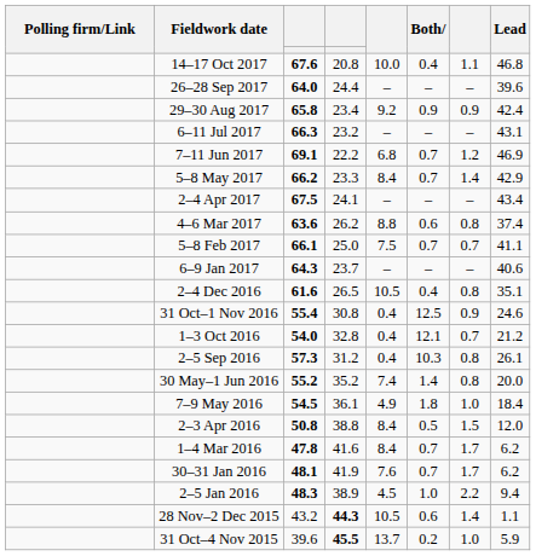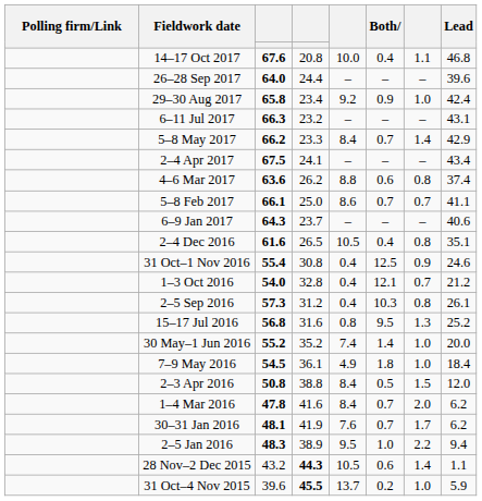 <table class="wikitable collapsible" style="text-align:center; font-size:95%; line-height:16px;">
 <tr style="height:42px;">
 <th style="width:145px;" rowspan="2">Polling firm/Link</th>
 <th style="width:125px;" rowspan="2">Fieldwork date</th>
 <th style="width:35px;"></th>
 <th style="width:35px;"></th>
 <th style="width:35px;" rowspan="2"></th>
 <th style="width:35px;" rowspan="2">Both/<br></th>
 <th style="width:35px;" rowspan="2"></th>
 <th style="width:30px;" rowspan="2">Lead</th>
 </tr>
 <tr>
 <th style="color:inherit;background:"></th>
 <th style="color:inherit;background:"></th>
 </tr>
 <tr>
 <td></td>
 <td>14–17 Oct 2017</td>
 <td><strong>67.6</strong></td>
 <td>20.8</td>
 <td>10.0</td>
 <td>0.4</td>
 <td>1.1</td>
 <td style="background:">46.8</td>
 </tr>
 <tr>
 <td></td>
 <td>26–28 Sep 2017</td>
 <td><strong>64.0</strong></td>
 <td>24.4</td>
 <td>–</td>
 <td>–</td>
 <td>–</td>
 <td style="background:">39.6</td>
 </tr>
 <tr>
 <td></td>
 <td>29–30 Aug 2017</td>
 <td><strong>65.8</strong></td>
 <td>23.4</td>
 <td>9.2</td>
 <td>0.9</td>
-<td>0.9</td>
+<td>1.0</td>
 <td style="background:">42.4</td>
 </tr>
 <tr>
 <td></td>
 <td>6–11 Jul 2017</td>
 <td><strong>66.3</strong></td>
 <td>23.2</td>
 <td>–</td>
 <td>–</td>
 <td>–</td>
 <td style="background:">43.1</td>
-</tr>
-<tr>
-<td></td>
-<td>7–11 Jun 2017</td>
-<td><strong>69.1</strong></td>
-<td>22.2</td>
-<td>6.8</td>
-<td>0.7</td>
-<td>1.2</td>
-<td style="background:">46.9</td>
 </tr>
 <tr>
 <td></td>
 <td>5–8 May 2017</td>
 <td><strong>66.2</strong></td>
 <td>23.3</td>
 <td>8.4</td>
 <td>0.7</td>
 <td>1.4</td>
 <td style="background:">42.9</td>
 </tr>
 <tr>
 <td></td>
 <td>2–4 Apr 2017</td>
 <td><strong>67.5</strong></td>
 <td>24.1</td>
 <td>–</td>
 <td>–</td>
 <td>–</td>
 <td style="background:">43.4</td>
 </tr>
 <tr>
 <td></td>
 <td>4–6 Mar 2017</td>
 <td><strong>63.6</strong></td>
 <td>26.2</td>
 <td>8.8</td>
 <td>0.6</td>
 <td>0.8</td>
 <td style="background:">37.4</td>
 </tr>
 <tr>
 <td></td>
 <td>5–8 Feb 2017</td>
 <td><strong>66.1</strong></td>
 <td>25.0</td>
-<td>7.5</td>
+<td>8.6</td>
 <td>0.7</td>
 <td>0.7</td>
 <td style="background:">41.1</td>
 </tr>
 <tr>
 <td></td>
 <td>6–9 Jan 2017</td>
 <td><strong>64.3</strong></td>
 <td>23.7</td>
 <td>–</td>
 <td>–</td>
 <td>–</td>
 <td style="background:">40.6</td>
 </tr>
 <tr>
 <td></td>
 <td>2–4 Dec 2016</td>
 <td><strong>61.6</strong></td>
 <td>26.5</td>
 <td>10.5</td>
 <td>0.4</td>
 <td>0.8</td>
 <td style="background:">35.1</td>
 </tr>
 <tr>
 <td></td>
 <td>31 Oct–1 Nov 2016</td>
 <td><strong>55.4</strong></td>
 <td>30.8</td>
 <td>0.4</td>
 <td>12.5</td>
 <td>0.9</td>
 <td style="background:">24.6</td>
 </tr>
 <tr>
 <td></td>
 <td>1–3 Oct 2016</td>
 <td><strong>54.0</strong></td>
 <td>32.8</td>
 <td>0.4</td>
 <td>12.1</td>
 <td>0.7</td>
 <td style="background:">21.2</td>
 </tr>
 <tr>
 <td></td>
 <td>2–5 Sep 2016</td>
 <td><strong>57.3</strong></td>
 <td>31.2</td>
 <td>0.4</td>
 <td>10.3</td>
 <td>0.8</td>
 <td style="background:">26.1</td>
 </tr>
 <tr>
 <td></td>
+<td>15–17 Jul 2016</td>
+<td><strong>56.8</strong></td>
+<td>31.6</td>
+<td>0.8</td>
+<td>9.5</td>
+<td>1.3</td>
+<td style="background:">25.2</td>
+</tr>
+<tr>
+<td></td>
 <td>30 May–1 Jun 2016</td>
 <td><strong>55.2</strong></td>
 <td>35.2</td>
 <td>7.4</td>
 <td>1.4</td>
-<td>0.8</td>
+<td>1.0</td>
 <td style="background:">20.0</td>
 </tr>
 <tr>
 <td></td>
 <td>7–9 May 2016</td>
 <td><strong>54.5</strong></td>
 <td>36.1</td>
 <td>4.9</td>
 <td>1.8</td>
 <td>1.0</td>
 <td style="background:">18.4</td>
 </tr>
 <tr>
 <td></td>
 <td>2–3 Apr 2016</td>
 <td><strong>50.8</strong></td>
 <td>38.8</td>
 <td>8.4</td>
 <td>0.5</td>
 <td>1.5</td>
 <td style="background:">12.0</td>
 </tr>
 <tr>
 <td></td>
 <td>1–4 Mar 2016</td>
 <td><strong>47.8</strong></td>
 <td>41.6</td>
 <td>8.4</td>
 <td>0.7</td>
-<td>1.7</td>
+<td>2.0</td>
 <td style="background:">6.2</td>
 </tr>
 <tr>
 <td></td>
 <td>30–31 Jan 2016</td>
 <td><strong>48.1</strong></td>
 <td>41.9</td>
 <td>7.6</td>
 <td>0.7</td>
 <td>1.7</td>
 <td style="background:">6.2</td>
 </tr>
 <tr>
 <td></td>
 <td>2–5 Jan 2016</td>
 <td><strong>48.3</strong></td>
 <td>38.9</td>
-<td>4.5</td>
+<td>9.5</td>
 <td>1.0</td>
 <td>2.2</td>
 <td style="background:">9.4</td>
 </tr>
 <tr>
 <td></td>
 <td>28 Nov–2 Dec 2015</td>
 <td>43.2</td>
 <td><strong>44.3</strong></td>
 <td>10.5</td>
 <td>0.6</td>
 <td>1.4</td>
 <td style="background:">1.1</td>
 </tr>
 <tr>
 <td></td>
 <td>31 Oct–4 Nov 2015</td>
 <td>39.6</td>
 <td><strong>45.5</strong></td>
 <td>13.7</td>
 <td>0.2</td>
 <td>1.0</td>
 <td style="background:">5.9</td>
 </tr>
 </table>
